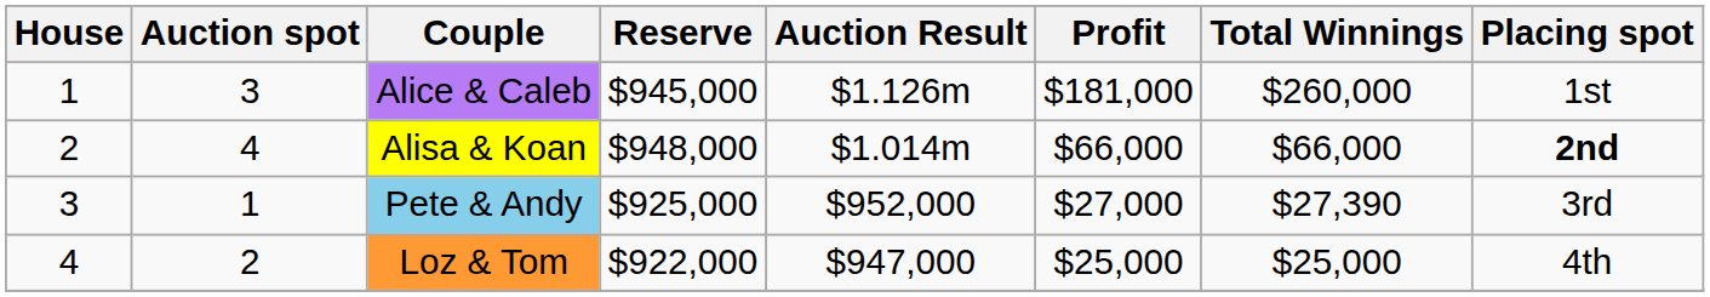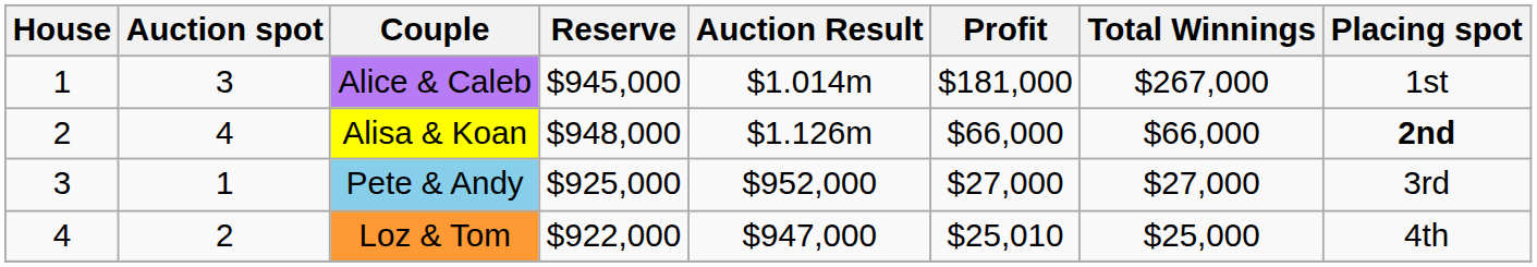 <table class="wikitable" style="text-align: center" |>
 <tr>
 <th>House</th>
 <th>Auction spot</th>
 <th>Couple</th>
 <th>Reserve</th>
 <th>Auction Result</th>
 <th>Profit</th>
 <th>Total Winnings</th>
 <th>Placing spot</th>
 </tr>
 <tr>
 <td>1</td>
 <td>3</td>
 <td style='background:#B87BF6;'>Alice & Caleb</td>
 <td>$945,000</td>
-<td>$1.126m</td>
+<td>$1.014m</td>
 <td>$181,000</td>
-<td>$260,000</td>
+<td>$267,000</td>
 <td>1st</td>
 </tr>
 <tr>
 <td>2</td>
 <td>4</td>
 <td style='background:Yellow;'>Alisa & Koan</td>
 <td>$948,000</td>
-<td>$1.014m</td>
+<td>$1.126m</td>
 <td>$66,000</td>
 <td>$66,000</td>
 <td><strong>2nd</strong></td>
 </tr>
 <tr>
 <td>3</td>
 <td>1</td>
 <td style='background:SkyBlue;'>Pete & Andy</td>
 <td>$925,000</td>
 <td>$952,000</td>
 <td>$27,000</td>
-<td>$27,390</td>
+<td>$27,000</td>
 <td>3rd</td>
 </tr>
 <tr>
 <td>4</td>
 <td>2</td>
 <td style='background:#FF9933;'>Loz & Tom</td>
 <td>$922,000</td>
 <td>$947,000</td>
-<td>$25,000</td>
+<td>$25,010</td>
 <td>$25,000</td>
 <td>4th</td>
 </tr>
 <tr>
 </tr>
 </table>
